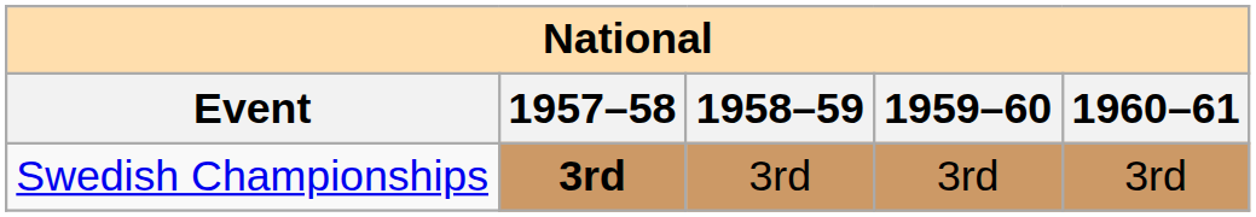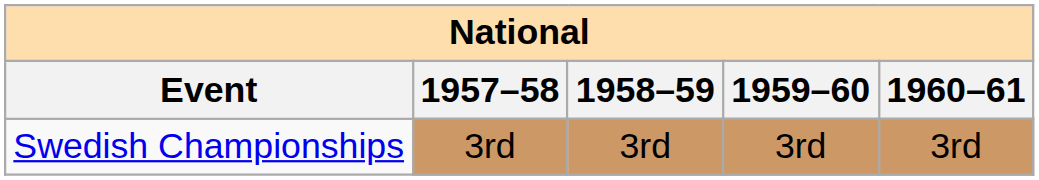 <table class="wikitable" style="text-align:center">
 <tr>
 <th style="background-color: #ffdead; " colspan=5 align=center><strong>National</strong></th>
 </tr>
 <tr>
 <th>Event</th>
 <th>1957–58</th>
 <th>1958–59</th>
 <th>1959–60</th>
 <th>1960–61</th>
 </tr>
 <tr>
 <td align=left><a href='#'>Swedish Championships</a></td>
-<td bgcolor=cc9966><strong>3rd</strong></td>
+<td bgcolor=cc9966>3rd</td>
 <td bgcolor=cc9966>3rd</td>
 <td bgcolor=cc9966>3rd</td>
 <td bgcolor=cc9966>3rd</td>
 </tr>
 </table>
